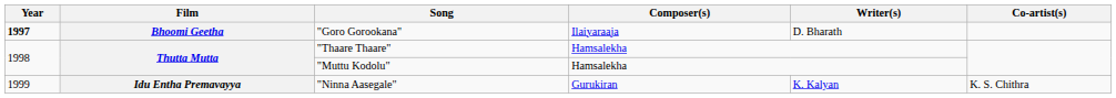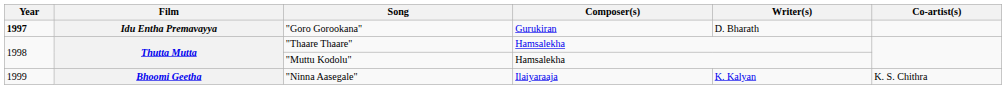 <table class="wikitable plainrowheaders" width="100%" textcolor:#000;">
 <tr style="background:#b0e0e66;">
 <th scope="col" width=5%><strong>Year</strong></th>
 <th scope="col" width=23%><strong>Film</strong></th>
 <th scope="col" width=23%><strong>Song</strong></th>
 <th scope="col" width=20%><strong>Composer(s)</strong></th>
 <th scope="col" width=16%><strong>Writer(s)</strong></th>
 <th scope="col" width=18%><strong>Co-artist(s)</strong></th>
 </tr>
 <tr>
 <td><strong>1997</strong></td>
-<th><em><a href='#'>Bhoomi Geetha</a></em></th>
+<th><em>Idu Entha Premavayya</em></th>
 <td>"Goro Gorookana"</td>
-<td><a href='#'>Ilaiyaraaja</a></td>
+<td><a href='#'>Gurukiran</a></td>
 <td>D. Bharath</td>
 <td></td>
 </tr>
 <tr>
 <td rowspan="2">1998</td>
 <th rowspan="2"><em><a href='#'>Thutta Mutta</a></em></th>
 <td>"Thaare Thaare"</td>
 <td colspan="2"><a href='#'>Hamsalekha</a></td>
 <td rowspan="2"></td>
 </tr>
 <tr>
 <td>"Muttu Kodolu"</td>
 <td colspan="2">Hamsalekha</td>
 </tr>
 <tr>
 <td>1999</td>
-<th><em>Idu Entha Premavayya</em></th>
+<th><em><a href='#'>Bhoomi Geetha</a></em></th>
 <td>"Ninna Aasegale"</td>
-<td><a href='#'>Gurukiran</a></td>
+<td><a href='#'>Ilaiyaraaja</a></td>
 <td><a href='#'>K. Kalyan</a></td>
 <td>K. S. Chithra</td>
 </tr>
 </table>
